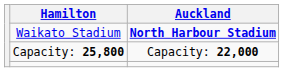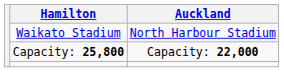 <table class="wikitable" style="text-align:center">
 <tr>
 <th rowspan="4"></th>
 <th><a href='#'>Hamilton</a></th>
 <th><a href='#'>Auckland</a></th>
 </tr>
 <tr>
 <td><a href='#'>Waikato Stadium</a></td>
-<td><strong><a href='#'>North Harbour Stadium</a></strong></td>
+<td><a href='#'>North Harbour Stadium</a></td>
 </tr>
 <tr>
 <td>Capacity: <strong>25,800</strong></td>
 <td>Capacity: <strong>22,000</strong></td>
 </tr>
 <tr>
 <td></td>
 <td></td>
 </tr>
 </table>
